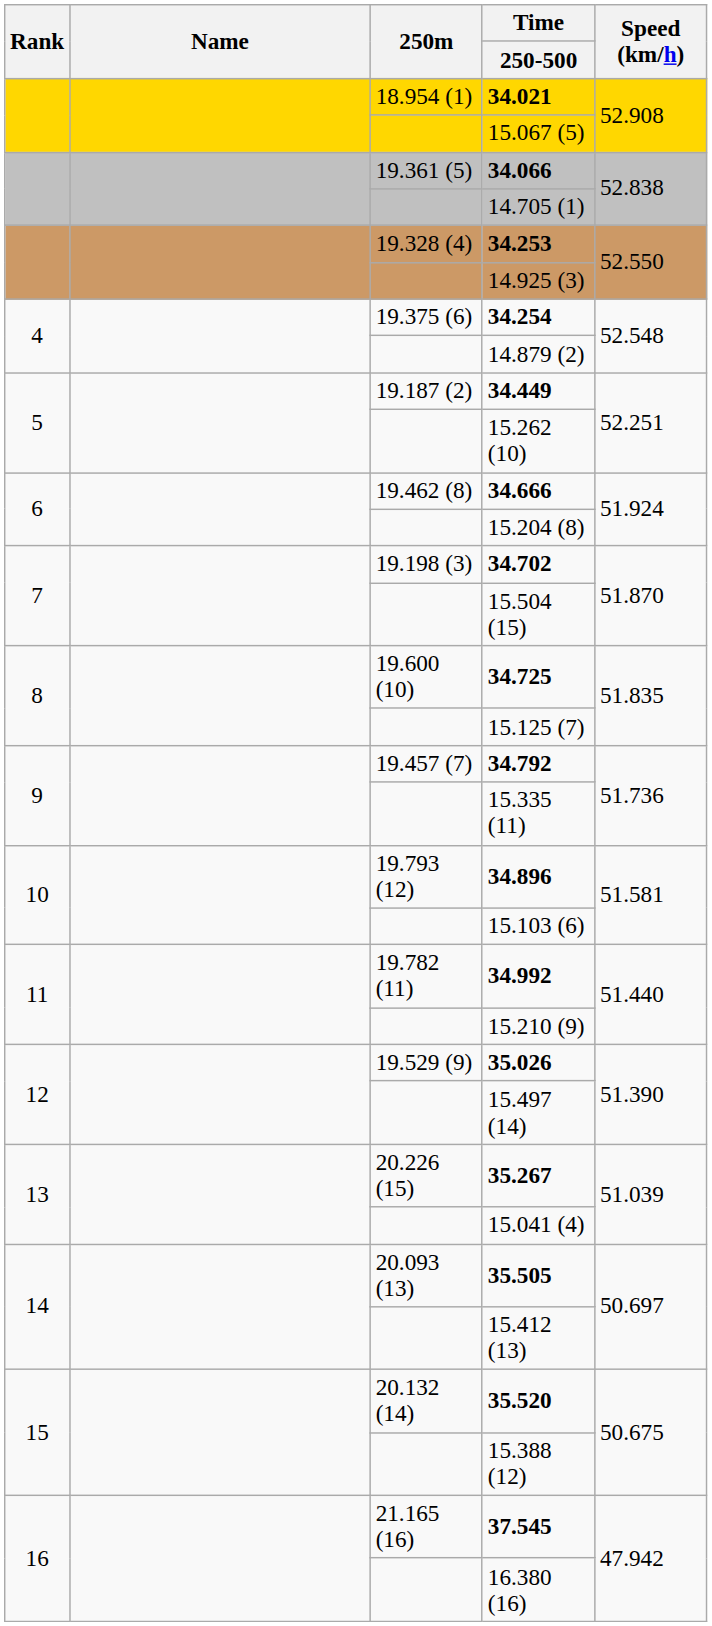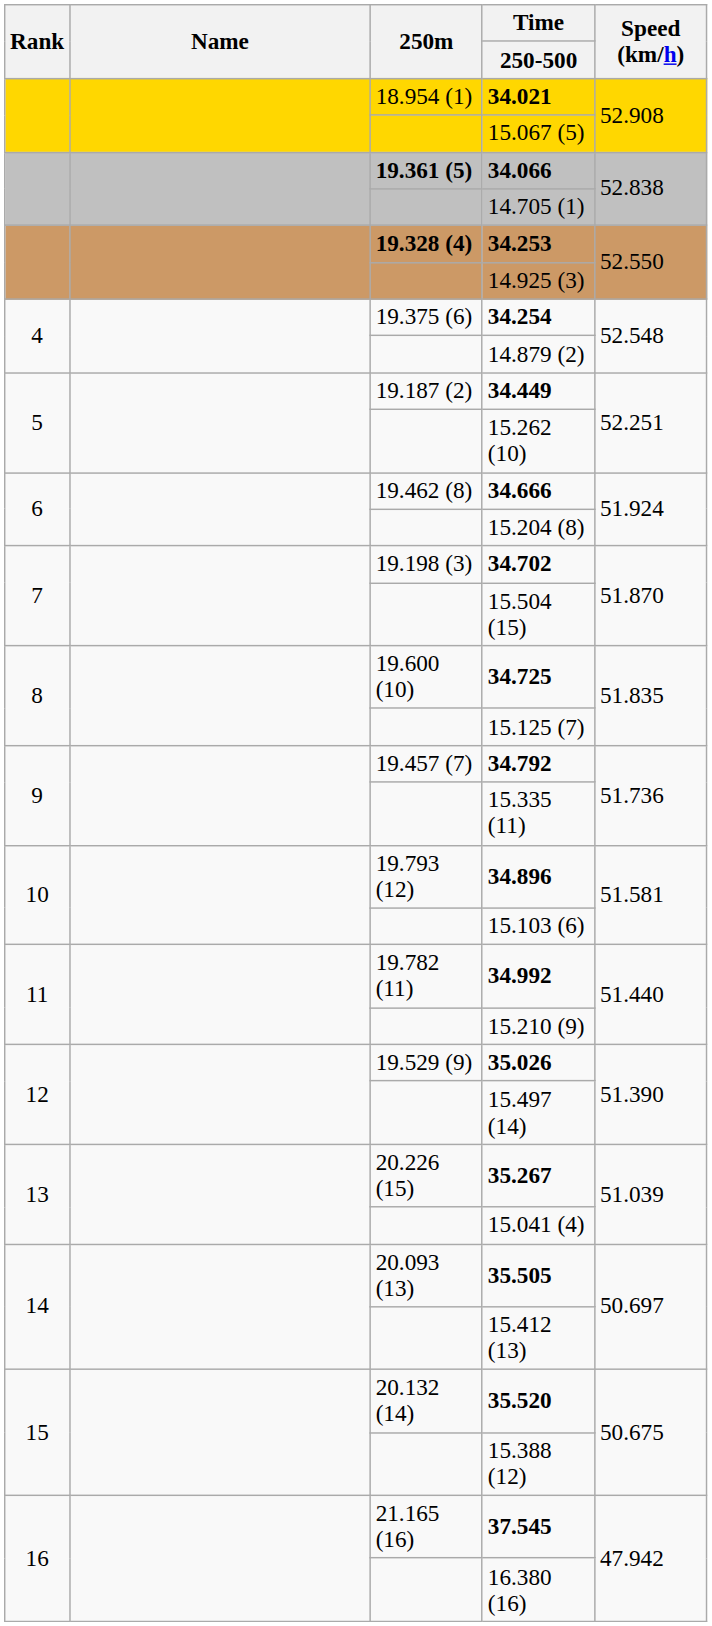 <table class="wikitable">
 <tr>
 <th rowspan=2 width=20>Rank</th>
 <th rowspan=2 width=200>Name</th>
 <th rowspan=2 width=70>250m</th>
 <th width=70>Time</th>
 <th rowspan=2 width=70>Speed<br>(km/<a href='#'>h</a>)</th>
 </tr>
 <tr>
 <th>250-500</th>
 </tr>
 <tr bgcolor=gold>
 <td align=center rowspan=2></td>
 <td rowspan=2></td>
 <td>18.954 (1)</td>
 <td><strong>34.021</strong></td>
 <td rowspan=2>52.908</td>
 </tr>
 <tr bgcolor=gold>
 <td></td>
 <td>15.067 (5)</td>
 </tr>
 <tr bgcolor=silver>
 <td align=center rowspan=2></td>
 <td rowspan=2></td>
-<td>19.361 (5)</td>
+<td><strong>19.361 (5)</strong></td>
 <td><strong>34.066</strong></td>
 <td rowspan=2>52.838</td>
 </tr>
 <tr bgcolor=silver>
 <td></td>
 <td>14.705 (1)</td>
 </tr>
 <tr bgcolor=cc9966>
 <td align=center rowspan=2></td>
 <td rowspan=2></td>
-<td>19.328 (4)</td>
+<td><strong>19.328 (4)</strong></td>
 <td><strong>34.253</strong></td>
 <td rowspan=2>52.550</td>
 </tr>
 <tr bgcolor=cc9966>
 <td></td>
 <td>14.925 (3)</td>
 </tr>
 <tr>
 <td align=center rowspan=2>4</td>
 <td rowspan=2></td>
 <td>19.375 (6)</td>
 <td><strong>34.254</strong></td>
 <td rowspan=2>52.548</td>
 </tr>
 <tr>
 <td></td>
 <td>14.879 (2)</td>
 </tr>
 <tr>
 <td align=center rowspan=2>5</td>
 <td rowspan=2></td>
 <td>19.187 (2)</td>
 <td><strong>34.449</strong></td>
 <td rowspan=2>52.251</td>
 </tr>
 <tr>
 <td></td>
 <td>15.262 (10)</td>
 </tr>
 <tr>
 <td align=center rowspan=2>6</td>
 <td rowspan=2></td>
 <td>19.462 (8)</td>
 <td><strong>34.666</strong></td>
 <td rowspan=2>51.924</td>
 </tr>
 <tr>
 <td></td>
 <td>15.204 (8)</td>
 </tr>
 <tr>
 <td align=center rowspan=2>7</td>
 <td rowspan=2></td>
 <td>19.198 (3)</td>
 <td><strong>34.702</strong></td>
 <td rowspan=2>51.870</td>
 </tr>
 <tr>
 <td></td>
 <td>15.504 (15)</td>
 </tr>
 <tr>
 <td align=center rowspan=2>8</td>
 <td rowspan=2></td>
 <td>19.600 (10)</td>
 <td><strong>34.725</strong></td>
 <td rowspan=2>51.835</td>
 </tr>
 <tr>
 <td></td>
 <td>15.125 (7)</td>
 </tr>
 <tr>
 <td align=center rowspan=2>9</td>
 <td rowspan=2></td>
 <td>19.457 (7)</td>
 <td><strong>34.792</strong></td>
 <td rowspan=2>51.736</td>
 </tr>
 <tr>
 <td></td>
 <td>15.335 (11)</td>
 </tr>
 <tr>
 <td align=center rowspan=2>10</td>
 <td rowspan=2></td>
 <td>19.793 (12)</td>
 <td><strong>34.896</strong></td>
 <td rowspan=2>51.581</td>
 </tr>
 <tr>
 <td></td>
 <td>15.103 (6)</td>
 </tr>
 <tr>
 <td align=center rowspan=2>11</td>
 <td rowspan=2></td>
 <td>19.782 (11)</td>
 <td><strong>34.992</strong></td>
 <td rowspan=2>51.440</td>
 </tr>
 <tr>
 <td></td>
 <td>15.210 (9)</td>
 </tr>
 <tr>
 <td align=center rowspan=2>12</td>
 <td rowspan=2></td>
 <td>19.529 (9)</td>
 <td><strong>35.026</strong></td>
 <td rowspan=2>51.390</td>
 </tr>
 <tr>
 <td></td>
 <td>15.497 (14)</td>
 </tr>
 <tr>
 <td align=center rowspan=2>13</td>
 <td rowspan=2></td>
 <td>20.226 (15)</td>
 <td><strong>35.267</strong></td>
 <td rowspan=2>51.039</td>
 </tr>
 <tr>
 <td></td>
 <td>15.041 (4)</td>
 </tr>
 <tr>
 <td align=center rowspan=2>14</td>
 <td rowspan=2></td>
 <td>20.093 (13)</td>
 <td><strong>35.505</strong></td>
 <td rowspan=2>50.697</td>
 </tr>
 <tr>
 <td></td>
 <td>15.412 (13)</td>
 </tr>
 <tr>
 <td align=center rowspan=2>15</td>
 <td rowspan=2></td>
 <td>20.132 (14)</td>
 <td><strong>35.520</strong></td>
 <td rowspan=2>50.675</td>
 </tr>
 <tr>
 <td></td>
 <td>15.388 (12)</td>
 </tr>
 <tr>
 <td align=center rowspan=2>16</td>
 <td rowspan=2></td>
 <td>21.165 (16)</td>
 <td><strong>37.545</strong></td>
 <td rowspan=2>47.942</td>
 </tr>
 <tr>
 <td></td>
 <td>16.380 (16)</td>
 </tr>
 </table>
